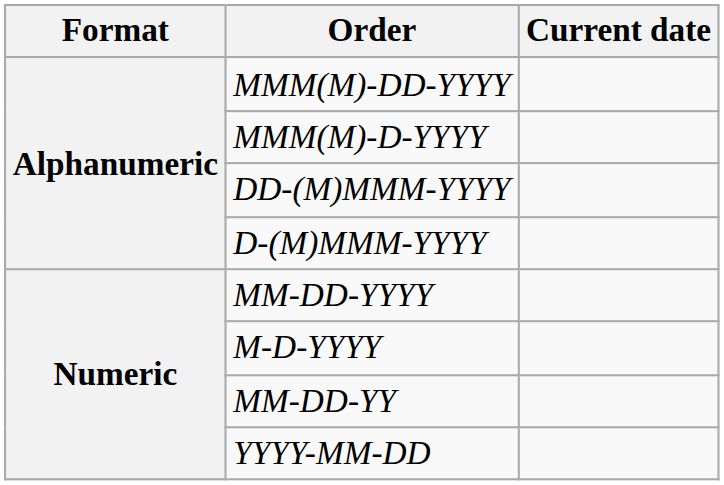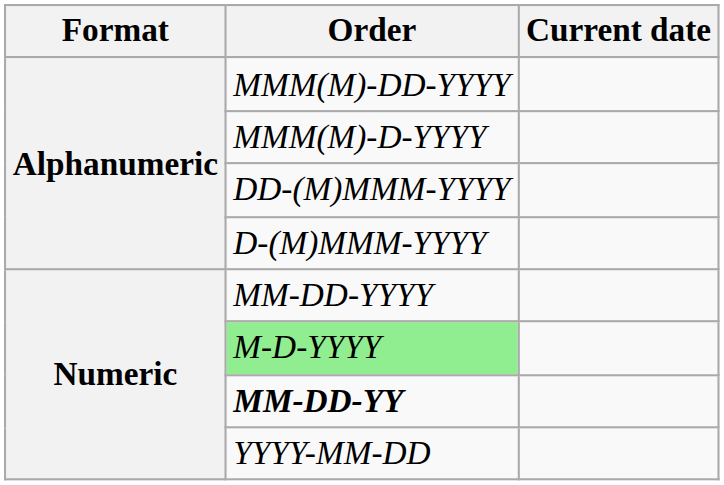 <table class="wikitable">
 <tr>
 <th>Format</th>
 <th>Order</th>
 <th>Current date</th>
 </tr>
 <tr>
 <th rowspan="4">Alphanumeric</th>
 <td><em>MMM(M)-DD-YYYY</em></td>
 <td> </td>
 </tr>
 <tr>
 <td><em>MMM(M)-D-YYYY</em></td>
 <td> </td>
 </tr>
 <tr>
 <td><em>DD-(M)MMM-YYYY</em></td>
 <td>  </td>
 </tr>
 <tr>
 <td><em>D-(M)MMM-YYYY</em></td>
 <td>  </td>
 </tr>
 <tr>
 <th rowspan="4">Numeric</th>
 <td><em>MM-DD-YYYY</em></td>
 <td></td>
 </tr>
 <tr>
-<td><em>M-D-YYYY</em></td>
+<td style="background: lightgreen;"><em>M-D-YYYY</em></td>
 <td></td>
 </tr>
 <tr>
-<td><em>MM-DD-YY</em></td>
+<td><strong><em>MM-DD-YY</em></strong></td>
 <td></td>
 </tr>
 <tr>
 <td><em>YYYY-MM-DD</em></td>
 <td></td>
 </tr>
 </table>
